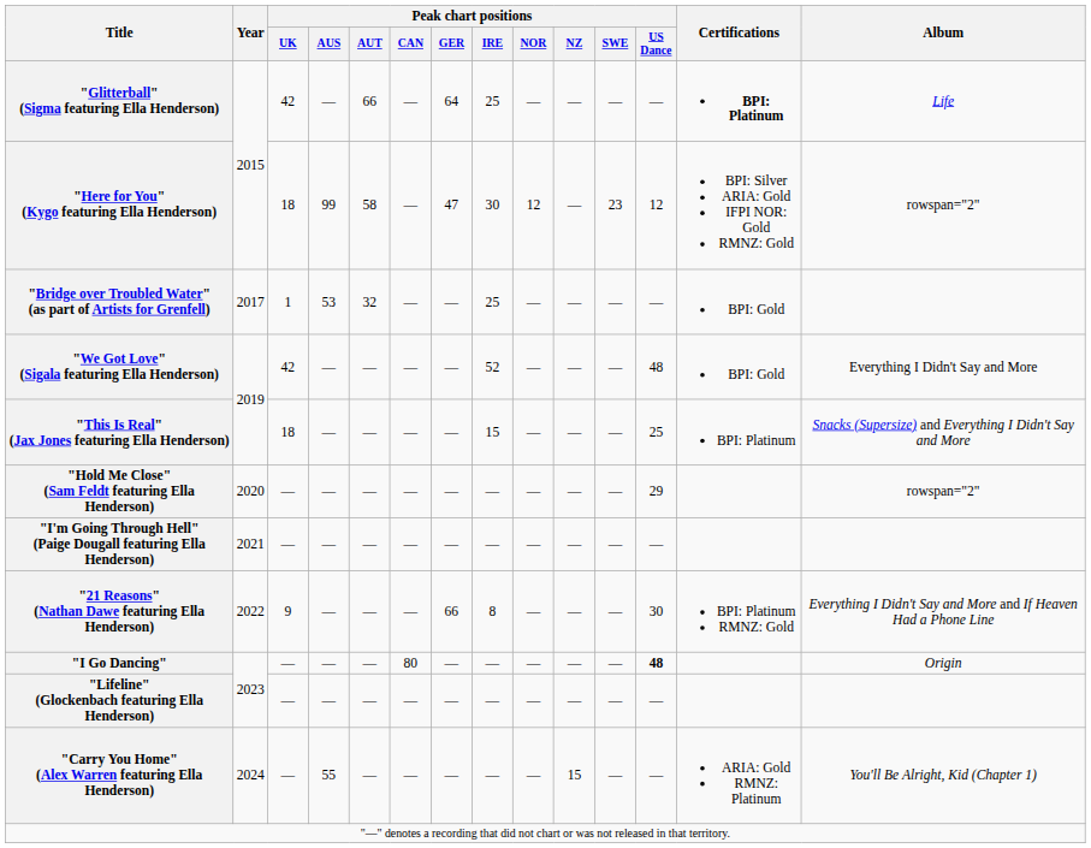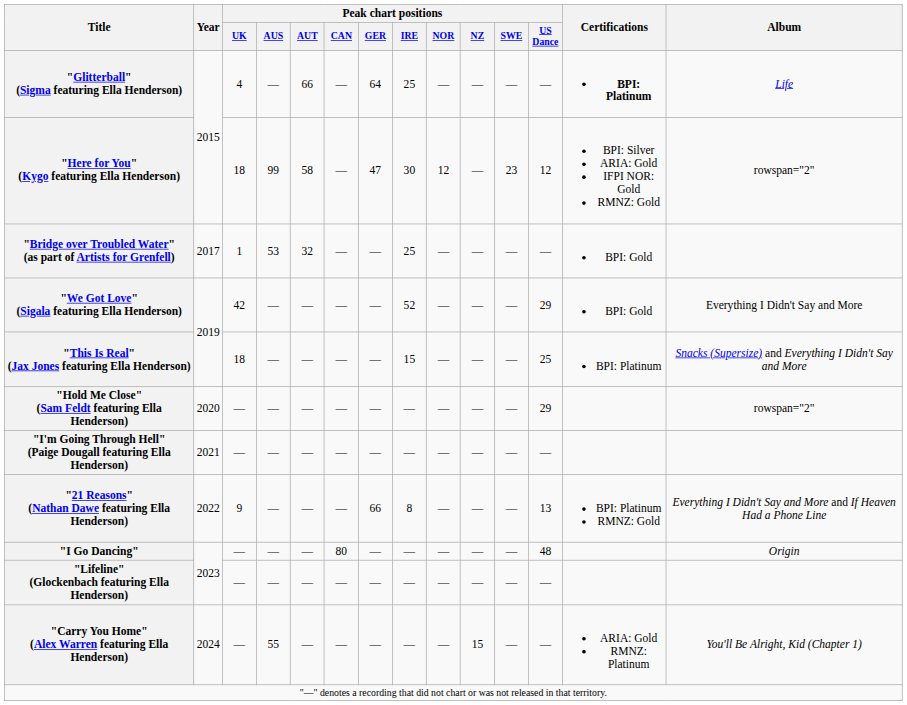 <table class="wikitable plainrowheaders" style="text-align:center;">
 <tr>
 <th scope="col" rowspan="2" style="width:16em;">Title</th>
 <th scope="col" rowspan="2" style="width:1em;">Year</th>
 <th scope="col" colspan="10">Peak chart positions</th>
 <th scope="col" rowspan="2">Certifications</th>
 <th scope="col" rowspan="2">Album</th>
 </tr>
 <tr>
 <th scope="col" style="width:3em;font-size:85%;"><a href='#'>UK</a><br></th>
 <th scope="col" style="width:3em;font-size:85%;"><a href='#'>AUS</a><br></th>
 <th scope="col" style="width:3em;font-size:85%;"><a href='#'>AUT</a><br></th>
 <th scope="col" style="width:3em;font-size:85%;"><a href='#'>CAN</a><br></th>
 <th scope="col" style="width:3em;font-size:85%;"><a href='#'>GER</a><br></th>
 <th scope="col" style="width:3em;font-size:85%;"><a href='#'>IRE</a><br></th>
 <th scope="col" style="width:3em;font-size:85%;"><a href='#'>NOR</a><br></th>
 <th scope="col" style="width:3em;font-size:85%;"><a href='#'>NZ</a><br></th>
 <th scope="col" style="width:3em;font-size:85%;"><a href='#'>SWE</a><br></th>
 <th scope="col" style="width:3em;font-size:85%;"><a href='#'>US Dance</a><br></th>
 </tr>
 <tr>
 <th scope="row">"<a href='#'>Glitterball</a>"<br><span>(<a href='#'>Sigma</a> featuring Ella Henderson)</span></th>
 <td rowspan="2">2015</td>
-<td>42</td>
+<td>4</td>
 <td>—</td>
 <td>66</td>
 <td>—</td>
 <td>64</td>
 <td>25</td>
 <td>—</td>
 <td>—</td>
 <td>—</td>
 <td>—</td>
 <td><strong><br><ul><li>BPI: Platinum</li></ul></strong></td>
 <td><em><a href='#'>Life</a></em></td>
 </tr>
 <tr>
 <th scope="row">"<a href='#'>Here for You</a>"<br><span>(<a href='#'>Kygo</a> featuring Ella Henderson)</span></th>
 <td>18</td>
 <td>99</td>
 <td>58</td>
 <td>—</td>
 <td>47</td>
 <td>30</td>
 <td>12</td>
 <td>—</td>
 <td>23</td>
 <td>12</td>
 <td><br><ul><li>BPI: Silver</li><li>ARIA: Gold</li><li>IFPI NOR: Gold</li><li>RMNZ: Gold</li></ul></td>
 <td>rowspan="2" </td>
 </tr>
 <tr>
 <th scope="row">"<a href='#'>Bridge over Troubled Water</a>"<br><span>(as part of <a href='#'>Artists for Grenfell</a>)</span></th>
 <td>2017</td>
 <td>1</td>
 <td>53</td>
 <td>32</td>
 <td>—</td>
 <td>—</td>
 <td>25</td>
 <td>—</td>
 <td>—</td>
 <td>—</td>
 <td>—</td>
 <td><br><ul><li>BPI: Gold</li></ul></td>
 </tr>
 <tr>
 <th scope="row">"<a href='#'>We Got Love</a>"<br><span>(<a href='#'>Sigala</a> featuring Ella Henderson)</span></th>
 <td rowspan="2">2019</td>
 <td>42</td>
 <td>—</td>
 <td>—</td>
 <td>—</td>
 <td>—</td>
 <td>52</td>
 <td>—</td>
 <td>—</td>
 <td>—</td>
-<td>48</td>
+<td>29</td>
 <td><br><ul><li>BPI: Gold</li></ul></td>
 <td>Everything I Didn't Say and More</td>
 </tr>
 <tr>
 <th scope="row">"<a href='#'>This Is Real</a>"<br><span>(<a href='#'>Jax Jones</a> featuring Ella Henderson)</span></th>
 <td>18</td>
 <td>—</td>
 <td>—</td>
 <td>—</td>
 <td>—</td>
 <td>15</td>
 <td>—</td>
 <td>—</td>
 <td>—</td>
 <td>25</td>
 <td><br><ul><li>BPI: Platinum</li></ul></td>
 <td><em><a href='#'>Snacks (Supersize)</a></em> and <em>Everything I Didn't Say and More</em></td>
 </tr>
 <tr>
 <th scope="row">"Hold Me Close" <br><span>(<a href='#'>Sam Feldt</a> featuring Ella Henderson)</span></th>
 <td>2020</td>
 <td>—</td>
 <td>—</td>
 <td>—</td>
 <td>—</td>
 <td>—</td>
 <td>—</td>
 <td>—</td>
 <td>—</td>
 <td>—</td>
 <td>29</td>
 <td></td>
 <td>rowspan="2" </td>
 </tr>
 <tr>
 <th scope="row">"I'm Going Through Hell"<br><span>(Paige Dougall featuring Ella Henderson)</span></th>
 <td>2021</td>
 <td>—</td>
 <td>—</td>
 <td>—</td>
 <td>—</td>
 <td>—</td>
 <td>—</td>
 <td>—</td>
 <td>—</td>
 <td>—</td>
 <td>—</td>
 <td></td>
 </tr>
 <tr>
 <th scope="row">"<a href='#'>21 Reasons</a>"<br><span>(<a href='#'>Nathan Dawe</a> featuring Ella Henderson)</span></th>
 <td>2022</td>
 <td>9</td>
 <td>—</td>
 <td>—</td>
 <td>—</td>
 <td>66</td>
 <td>8</td>
 <td>—</td>
 <td>—</td>
 <td>—</td>
-<td>30</td>
+<td>13</td>
 <td><br><ul><li>BPI: Platinum</li><li>RMNZ: Gold</li></ul></td>
 <td><em>Everything I Didn't Say and More</em> and <em>If Heaven Had a Phone Line</em></td>
 </tr>
 <tr>
 <th scope="row">"I Go Dancing"<br></th>
 <td rowspan="2">2023</td>
 <td>—</td>
 <td>—</td>
 <td>—</td>
 <td>80</td>
 <td>—</td>
 <td>—</td>
 <td>—</td>
 <td>—</td>
 <td>—</td>
-<td><strong>48</strong></td>
+<td>48</td>
 <td></td>
 <td><em>Origin</em></td>
 </tr>
 <tr>
 <th scope="row">"Lifeline"<br><span>(Glockenbach featuring Ella Henderson)</span></th>
 <td>—</td>
 <td>—</td>
 <td>—</td>
 <td>—</td>
 <td>—</td>
 <td>—</td>
 <td>—</td>
 <td>—</td>
 <td>—</td>
 <td>—</td>
 <td></td>
 <td></td>
 </tr>
 <tr>
 <th scope="row">"Carry You Home"<br><span>(<a href='#'>Alex Warren</a> featuring Ella Henderson)</span></th>
 <td>2024</td>
 <td>—</td>
 <td>55</td>
 <td>—</td>
 <td>—</td>
 <td>—</td>
 <td>—</td>
 <td>—</td>
 <td>15<br></td>
 <td>—</td>
 <td>—</td>
 <td><br><ul><li>ARIA: Gold</li><li>RMNZ: Platinum</li></ul></td>
 <td><em>You'll Be Alright, Kid (Chapter 1)</em></td>
 </tr>
 <tr>
 <td colspan="20" style="font-size:85%">"—" denotes a recording that did not chart or was not released in that territory.</td>
 </tr>
 </table>
